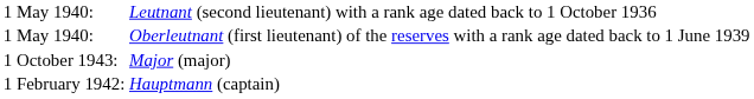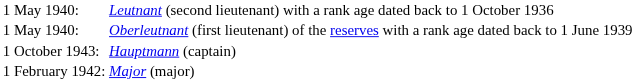 <table>
 <tr>
 <td>1 May 1940:</td>
 <td><em><a href='#'>Leutnant</a></em> (second lieutenant) with a rank age dated back to 1 October 1936</td>
 </tr>
 <tr>
 <td>1 May 1940:</td>
 <td><em><a href='#'>Oberleutnant</a></em> (first lieutenant) of the <a href='#'>reserves</a> with a rank age dated back to 1 June 1939</td>
 </tr>
 <tr>
 <td>1 October 1943:</td>
-<td><em><a href='#'>Major</a></em> (major)</td>
+<td><em><a href='#'>Hauptmann</a></em> (captain)</td>
 </tr>
 <tr>
 <td>1 February 1942:</td>
-<td><em><a href='#'>Hauptmann</a></em> (captain)</td>
+<td><em><a href='#'>Major</a></em> (major)</td>
 </tr>
 </table>
